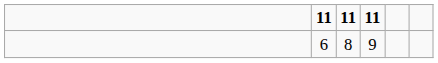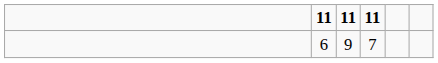 <table class="wikitable">
 <tr>
 <td style="width:18em"></td>
 <td align=center style="width:1em"><strong>11</strong></td>
 <td align=center style="width:1em"><strong>11</strong></td>
 <td align=center style="width:1em"><strong>11</strong></td>
 <td align=center style="width:1em"></td>
 <td align=center style="width:1em"></td>
 </tr>
 <tr>
 <td style="width:18em"></td>
 <td align=center style="width:1em">6</td>
-<td align=center style="width:1em">8</td>
 <td align=center style="width:1em">9</td>
+<td align=center style="width:1em">7</td>
 <td align=center style="width:1em"></td>
 <td align=center style="width:1em"></td>
 </tr>
 </table>
